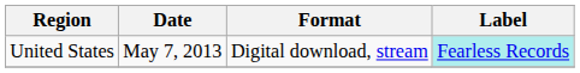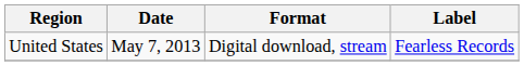 <table class=wikitable>
 <tr>
 <th>Region</th>
 <th>Date</th>
 <th>Format</th>
 <th>Label</th>
 </tr>
 <tr>
 <td>United States</td>
 <td>May 7, 2013</td>
 <td>Digital download, <a href='#'>stream</a></td>
-<td style="background: paleturquoise;"><a href='#'>Fearless Records</a></td>
+<td><a href='#'>Fearless Records</a></td>
 </tr>
 <tr>
 </tr>
 </table>
